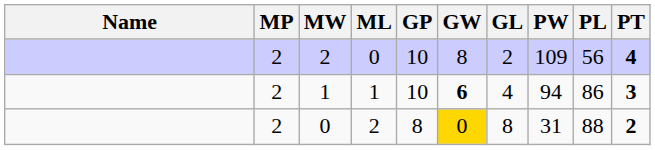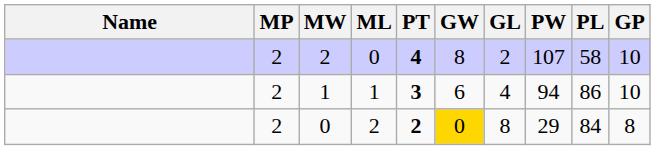 <table class=wikitable style="text-align:center">
 <tr>
 <th width=175>Name</th>
 <th width=20>MP</th>
 <th width=20>MW</th>
 <th width=20>ML</th>
-<th width=20>GP</th>
+<th width=20>PT</th>
 <th width=20>GW</th>
 <th width=20>GL</th>
 <th width=20>PW</th>
 <th width=20>PL</th>
-<th width=20>PT</th>
+<th width=20>GP</th>
 </tr>
 <tr style="background-color:#ccccff;">
 <td style="text-align:left;"><strong></strong></td>
 <td>2</td>
 <td>2</td>
 <td>0</td>
-<td>10</td>
+<td><strong>4</strong></td>
 <td>8</td>
 <td>2</td>
-<td>109</td>
-<td>56</td>
-<td><strong>4</strong></td>
+<td>107</td>
+<td>58</td>
+<td>10</td>
 </tr>
 <tr>
 <td style="text-align:left;"></td>
 <td>2</td>
 <td>1</td>
 <td>1</td>
-<td>10</td>
-<td><strong>6</strong></td>
+<td><strong>3</strong></td>
+<td>6</td>
 <td>4</td>
 <td>94</td>
 <td>86</td>
-<td><strong>3</strong></td>
+<td>10</td>
 </tr>
 <tr>
 <td style="text-align:left;"></td>
 <td>2</td>
 <td>0</td>
 <td>2</td>
-<td>8</td>
+<td><strong>2</strong></td>
 <td style="background: gold;">0</td>
 <td>8</td>
-<td>31</td>
-<td>88</td>
-<td><strong>2</strong></td>
+<td>29</td>
+<td>84</td>
+<td>8</td>
 </tr>
 </table>
